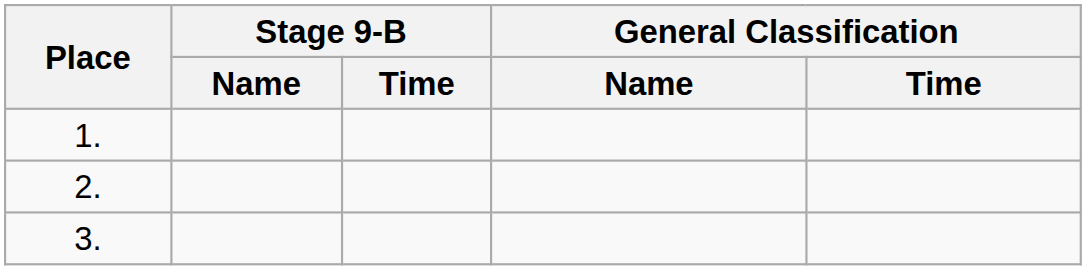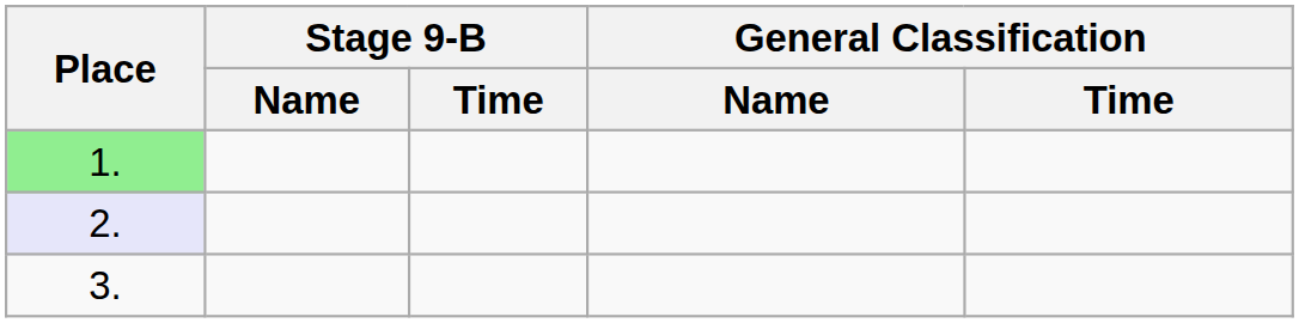 <table class="wikitable"  style="font-size:95%; width:80%;">
 <tr>
 <th rowspan="2">Place</th>
 <th colspan="2">Stage 9-B</th>
 <th colspan="2">General Classification</th>
 </tr>
 <tr>
 <th>Name</th>
 <th>Time</th>
 <th>Name</th>
 <th>Time</th>
 </tr>
 <tr>
-<td style="text-align:center;">1.</td>
+<td style="background: lightgreen; text-align:center;">1.</td>
 <td></td>
 <td></td>
 <td></td>
 <td></td>
 </tr>
 <tr>
-<td style="text-align:center;">2.</td>
+<td style="background: lavender; text-align:center;">2.</td>
 <td></td>
 <td></td>
 <td></td>
 <td></td>
 </tr>
 <tr>
 <td style="text-align:center;">3.</td>
 <td></td>
 <td></td>
 <td></td>
 <td></td>
 </tr>
 </table>
